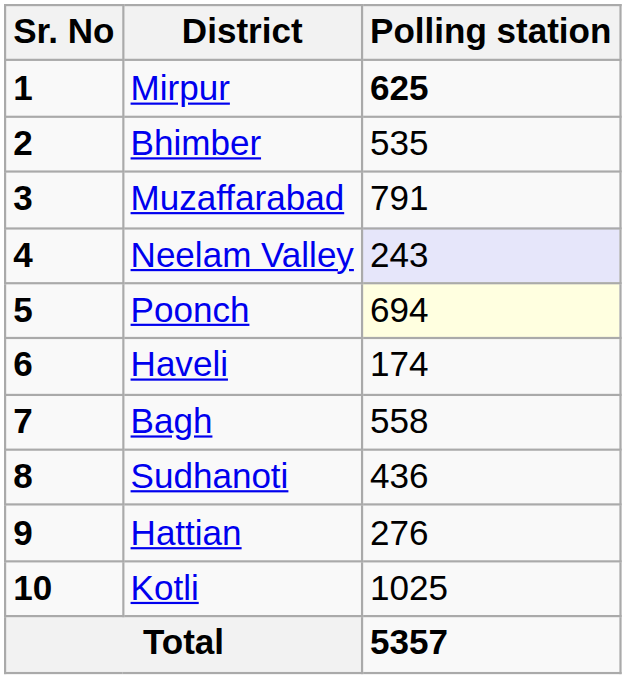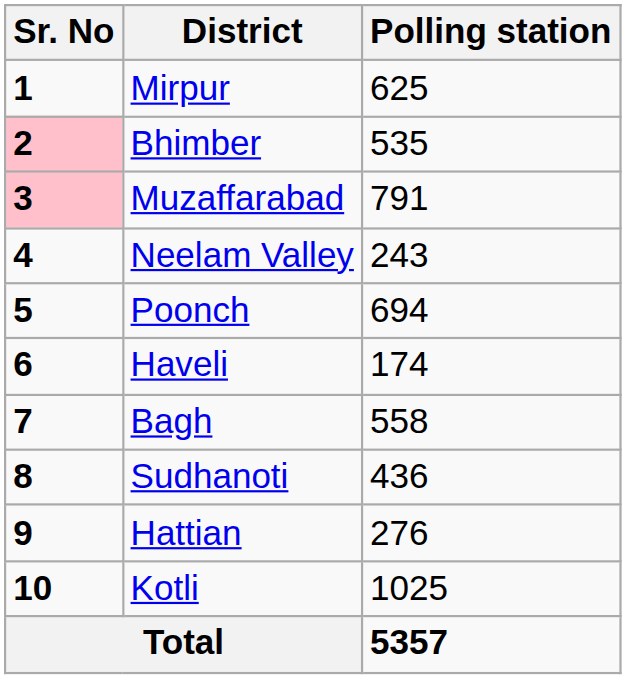 <table class="wikitable">
 <tr>
 <th>Sr. No</th>
 <th>District</th>
 <th>Polling station</th>
 </tr>
 <tr>
 <td><strong>1</strong></td>
 <td><a href='#'>Mirpur</a></td>
-<td><strong>625</strong></td>
+<td>625</td>
 </tr>
 <tr>
-<td><strong>2</strong></td>
+<td style="background: pink;"><strong>2</strong></td>
 <td><a href='#'>Bhimber</a></td>
 <td>535</td>
 </tr>
 <tr>
-<td><strong>3</strong></td>
+<td style="background: pink;"><strong>3</strong></td>
 <td><a href='#'>Muzaffarabad</a></td>
 <td>791</td>
 </tr>
 <tr>
 <td><strong>4</strong></td>
 <td><a href='#'>Neelam Valley</a></td>
-<td style="background: lavender;">243</td>
+<td>243</td>
 </tr>
 <tr>
 <td><strong>5</strong></td>
 <td><a href='#'>Poonch</a></td>
-<td style="background: lightyellow;">694</td>
+<td>694</td>
 </tr>
 <tr>
 <td><strong>6</strong></td>
 <td><a href='#'>Haveli</a></td>
 <td>174</td>
 </tr>
 <tr>
 <td><strong>7</strong></td>
 <td><a href='#'>Bagh</a></td>
 <td>558</td>
 </tr>
 <tr>
 <td><strong>8</strong></td>
 <td><a href='#'>Sudhanoti</a></td>
 <td>436</td>
 </tr>
 <tr>
 <td><strong>9</strong></td>
 <td><a href='#'>Hattian</a></td>
 <td>276</td>
 </tr>
 <tr>
 <td><strong>10</strong></td>
 <td><a href='#'>Kotli</a></td>
 <td>1025</td>
 </tr>
 <tr>
 <th colspan="2"><strong>Total</strong></th>
 <td><strong>5357</strong></td>
 </tr>
 </table>
